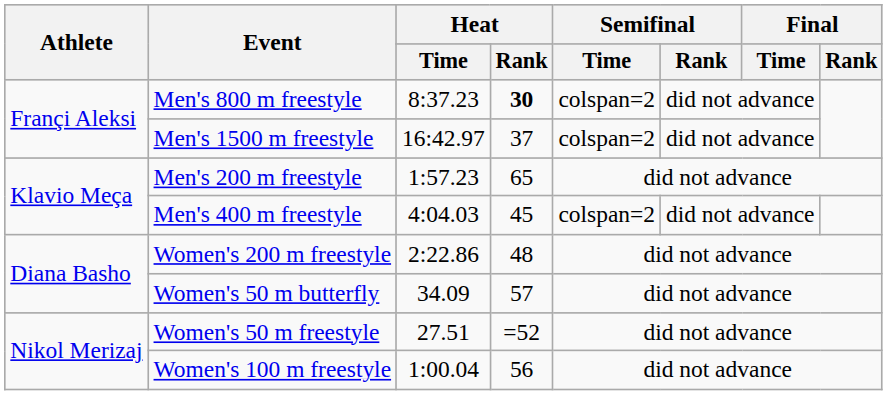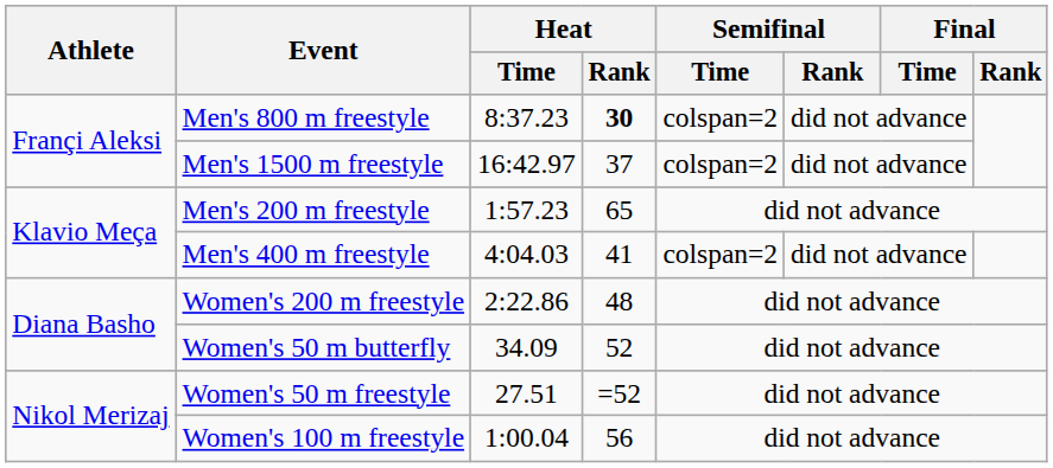 <table class=wikitable style="font-size:90%">
 <tr>
 <th rowspan="2">Athlete</th>
 <th rowspan="2">Event</th>
 <th colspan="2">Heat</th>
 <th colspan="2">Semifinal</th>
 <th colspan="2">Final</th>
 </tr>
 <tr style="font-size:95%">
 <th>Time</th>
 <th>Rank</th>
 <th>Time</th>
 <th>Rank</th>
 <th>Time</th>
 <th>Rank</th>
 </tr>
 <tr align=center>
 <td align=left rowspan=2><a href='#'>Françi Aleksi</a></td>
 <td align=left><a href='#'>Men's 800 m freestyle</a></td>
 <td>8:37.23</td>
 <td><strong>30</strong></td>
 <td>colspan=2 </td>
 <td colspan=2>did not advance</td>
 </tr>
 <tr align=center>
 <td align=left><a href='#'>Men's 1500 m freestyle</a></td>
 <td>16:42.97</td>
 <td>37</td>
 <td>colspan=2 </td>
 <td colspan=2>did not advance</td>
 </tr>
 <tr align=center>
 <td align=left rowspan=2><a href='#'>Klavio Meça</a></td>
 <td align=left><a href='#'>Men's 200 m freestyle</a></td>
 <td>1:57.23</td>
 <td>65</td>
 <td colspan=4>did not advance</td>
 </tr>
 <tr align=center>
 <td align=left><a href='#'>Men's 400 m freestyle</a></td>
 <td>4:04.03</td>
-<td>45</td>
+<td>41</td>
 <td>colspan=2 </td>
 <td colspan=2>did not advance</td>
 </tr>
 <tr align=center>
 <td align=left rowspan=2><a href='#'>Diana Basho</a></td>
 <td align=left><a href='#'>Women's 200 m freestyle</a></td>
 <td>2:22.86</td>
 <td>48</td>
 <td colspan=4>did not advance</td>
 </tr>
 <tr align=center>
 <td align=left><a href='#'>Women's 50 m butterfly</a></td>
 <td>34.09</td>
-<td>57</td>
+<td>52</td>
 <td colspan=4>did not advance</td>
 </tr>
 <tr align=center>
 <td align=left rowspan=2><a href='#'>Nikol Merizaj</a></td>
 <td align=left><a href='#'>Women's 50 m freestyle</a></td>
 <td>27.51</td>
 <td>=52</td>
 <td colspan=4>did not advance</td>
 </tr>
 <tr align=center>
 <td align=left><a href='#'>Women's 100 m freestyle</a></td>
 <td>1:00.04</td>
 <td>56</td>
 <td colspan=4>did not advance</td>
 </tr>
 </table>
